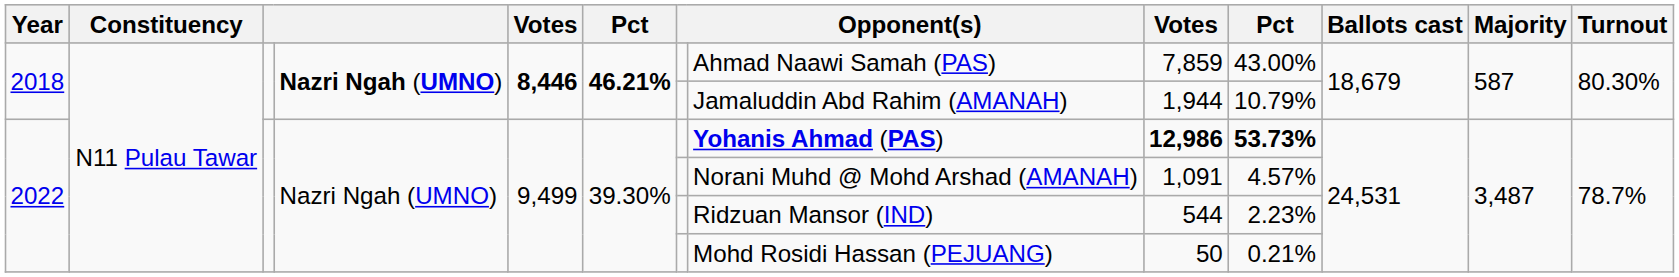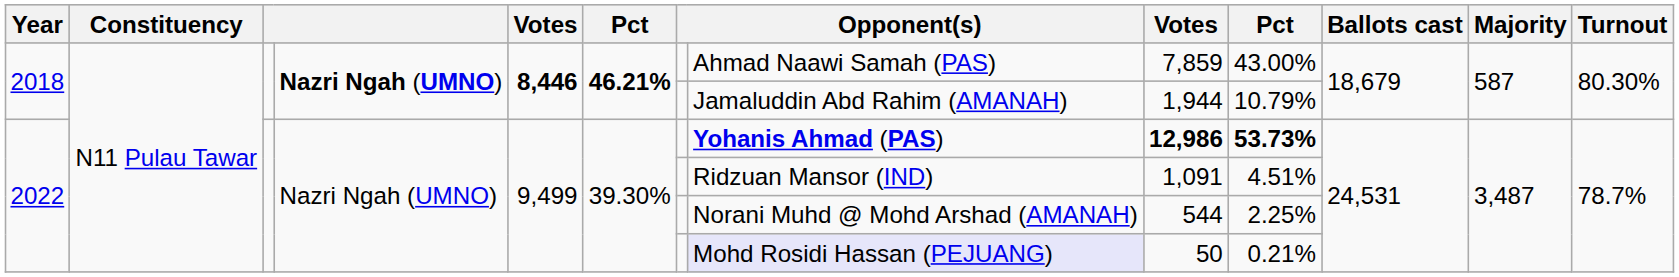 <table class="wikitable" style="margin:0.5em ; font-size:95%">
 <tr>
 <th>Year</th>
 <th>Constituency</th>
 <th colspan=2></th>
 <th>Votes</th>
 <th>Pct</th>
 <th colspan=2>Opponent(s)</th>
 <th>Votes</th>
 <th>Pct</th>
 <th>Ballots cast</th>
 <th>Majority</th>
 <th>Turnout</th>
 </tr>
 <tr>
 <td rowspan=2><a href='#'>2018</a></td>
 <td rowspan=6>N11 <a href='#'>Pulau Tawar</a></td>
 <td rowspan=2 ></td>
 <td rowspan=2><strong>Nazri Ngah</strong> (<a href='#'><strong>UMNO</strong></a>)</td>
 <td rowspan=2 align="right"><strong>8,446</strong></td>
 <td rowspan=2><strong>46.21%</strong></td>
 <td></td>
 <td>Ahmad Naawi Samah (<a href='#'>PAS</a>)</td>
 <td align="right">7,859</td>
 <td>43.00%</td>
 <td rowspan=2>18,679</td>
 <td rowspan=2>587</td>
 <td rowspan=2>80.30%</td>
 </tr>
 <tr>
 <td></td>
 <td>Jamaluddin Abd Rahim (<a href='#'>AMANAH</a>)</td>
 <td align="right">1,944</td>
 <td>10.79%</td>
 </tr>
 <tr>
 <td rowspan=4><a href='#'>2022</a></td>
 <td rowspan=4 ></td>
 <td rowspan=4>Nazri Ngah (<a href='#'>UMNO</a>)</td>
 <td rowspan=4 align="right">9,499</td>
 <td rowspan=4>39.30%</td>
 <td bgcolor=></td>
 <td><strong><a href='#'>Yohanis Ahmad</a></strong> (<a href='#'><strong>PAS</strong></a>)</td>
 <td align="right"><strong>12,986</strong></td>
 <td><strong>53.73%</strong></td>
 <td rowspan=4>24,531</td>
 <td rowspan=4>3,487</td>
 <td rowspan=4>78.7%</td>
 </tr>
 <tr>
 <td></td>
-<td>Norani Muhd @ Mohd Arshad (<a href='#'>AMANAH</a>)</td>
+<td>Ridzuan Mansor (<a href='#'>IND</a>)</td>
 <td align="right">1,091</td>
-<td align="right">4.57%</td>
+<td align="right">4.51%</td>
 </tr>
 <tr>
 <td></td>
-<td>Ridzuan Mansor (<a href='#'>IND</a>)</td>
+<td>Norani Muhd @ Mohd Arshad (<a href='#'>AMANAH</a>)</td>
 <td align="right">544</td>
-<td align="right">2.23%</td>
+<td align="right">2.25%</td>
 </tr>
 <tr>
 <td bgcolor=></td>
-<td>Mohd Rosidi Hassan (<a href='#'>PEJUANG</a>)</td>
+<td style="background: lavender;">Mohd Rosidi Hassan (<a href='#'>PEJUANG</a>)</td>
 <td align="right">50</td>
 <td align="right">0.21%</td>
 </tr>
 </table>
